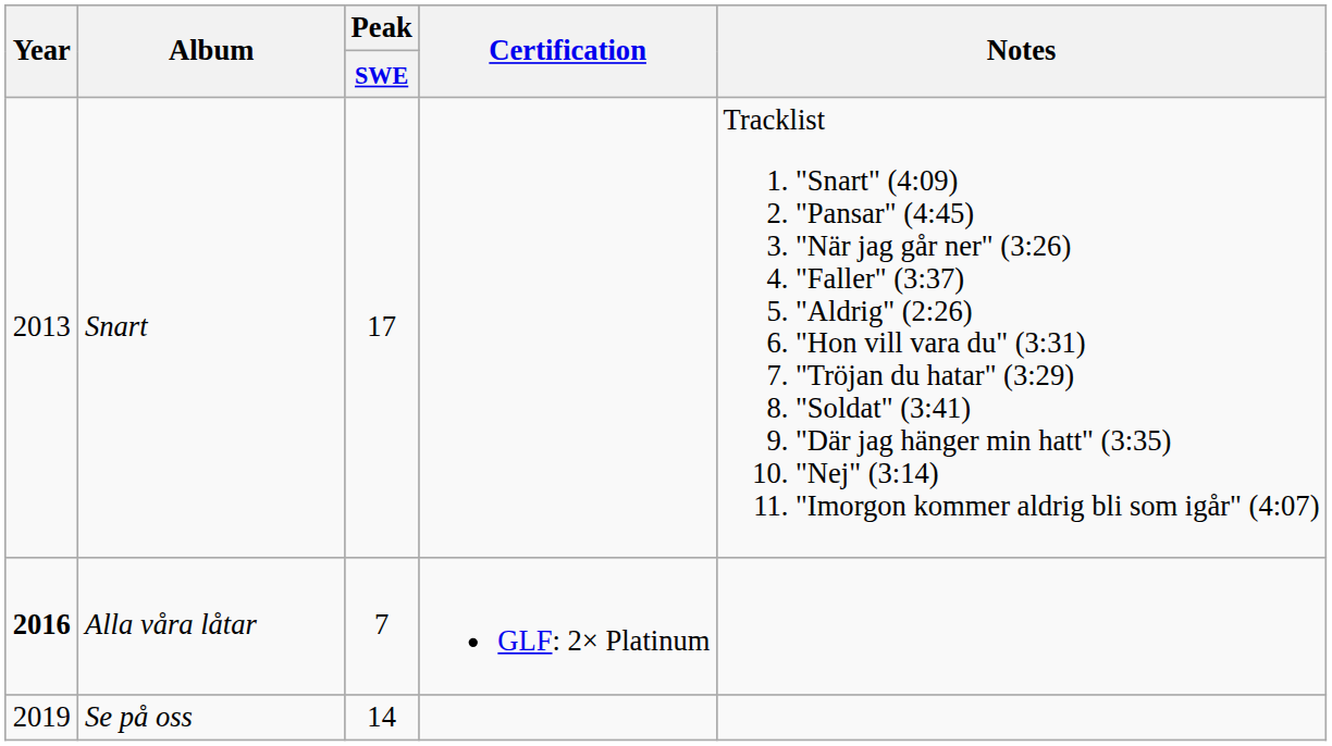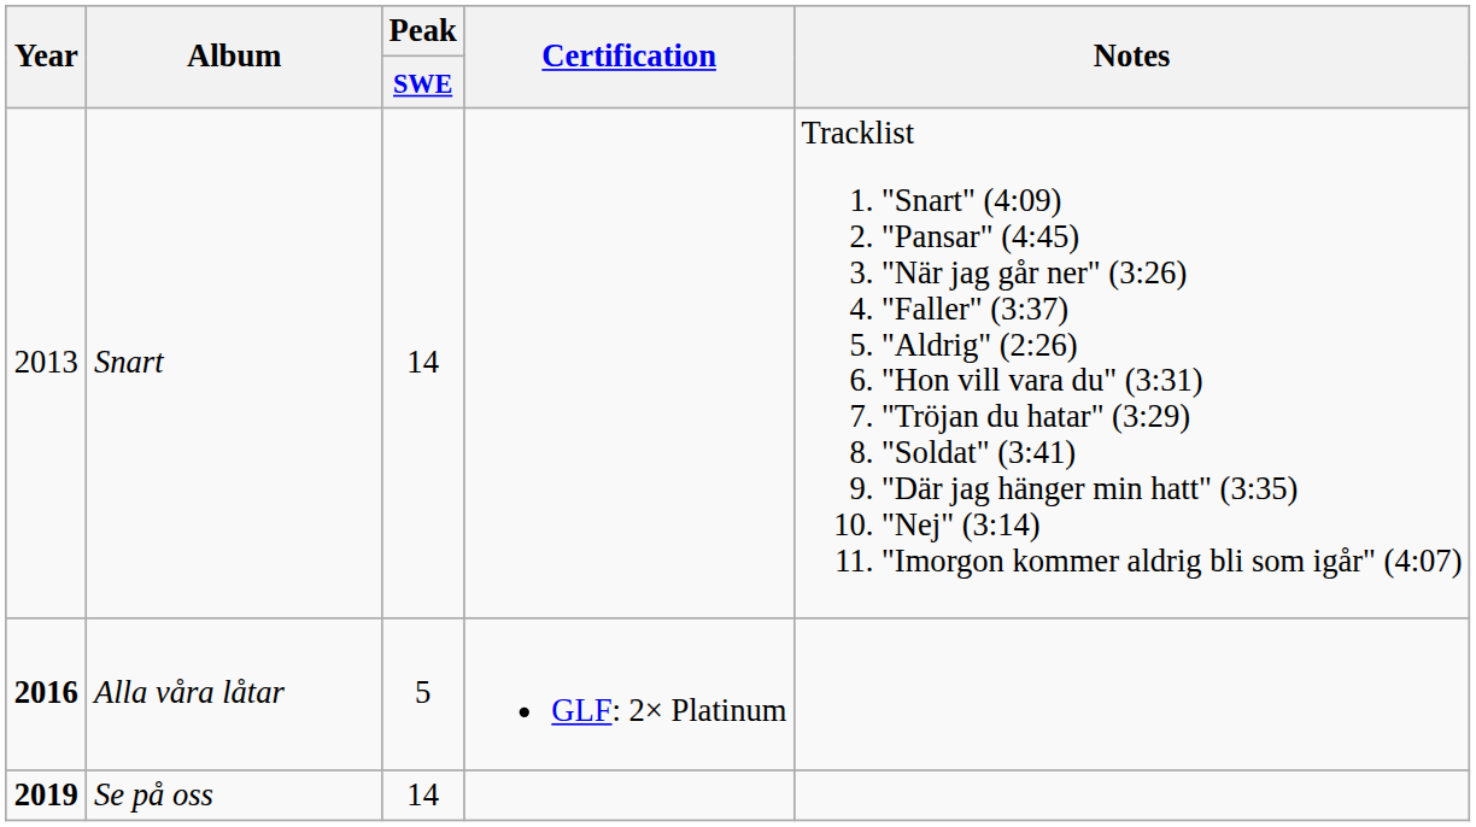 <table class="wikitable">
 <tr>
 <th width="33" rowspan="2" style="text-align:center;">Year</th>
 <th rowspan="2" width="140">Album</th>
 <th colspan="1">Peak</th>
 <th rowspan="2"><a href='#'>Certification</a></th>
 <th rowspan="2">Notes</th>
 </tr>
 <tr>
 <th align="center"><a href='#'><small>SWE</small></a><br></th>
 </tr>
 <tr>
 <td align="center">2013</td>
 <td><em>Snart</em></td>
-<td align="center">17</td>
+<td align="center">14</td>
 <td></td>
 <td>Tracklist<br><ol><li>"Snart" (4:09)</li><li>"Pansar" (4:45)</li><li>"När jag går ner" (3:26)</li><li>"Faller" (3:37)</li><li>"Aldrig" (2:26)</li><li>"Hon vill vara du" (3:31)</li><li>"Tröjan du hatar" (3:29)</li><li>"Soldat" (3:41)</li><li>"Där jag hänger min hatt" (3:35)</li><li>"Nej" (3:14)</li><li>"Imorgon kommer aldrig bli som igår" (4:07)</li></ol></td>
 </tr>
 <tr>
 <td align="center"><strong>2016</strong></td>
 <td><em>Alla våra låtar</em></td>
-<td align="center">7</td>
+<td align="center">5</td>
 <td><br><ul><li><a href='#'>GLF</a>: 2× Platinum</li></ul></td>
 <td></td>
 </tr>
 <tr>
-<td align="center">2019</td>
+<td align="center"><strong>2019</strong></td>
 <td><em>Se på oss</em></td>
 <td align="center">14</td>
 <td></td>
 <td></td>
 </tr>
 </table>
